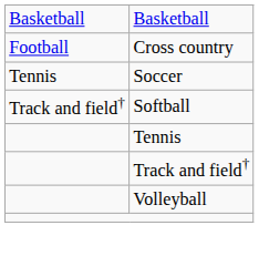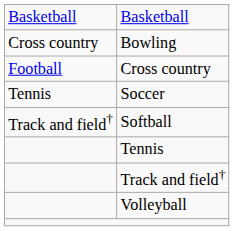 <table class="wikitable" style=" ">
 <tr>
 </tr>
 <tr>
 <td><a href='#'>Basketball</a></td>
 <td><a href='#'>Basketball</a></td>
+</tr>
+<tr>
+<td>Cross country</td>
+<td>Bowling</td>
 </tr>
 <tr>
 <td><a href='#'>Football</a></td>
 <td>Cross country</td>
 </tr>
 <tr>
 <td>Tennis</td>
 <td>Soccer</td>
 </tr>
 <tr>
 <td>Track and field<sup>†</sup></td>
 <td>Softball</td>
 </tr>
 <tr>
 <td></td>
 <td>Tennis</td>
 </tr>
 <tr>
 <td></td>
 <td>Track and field<sup>†</sup></td>
 </tr>
 <tr>
 <td></td>
 <td>Volleyball</td>
 </tr>
 <tr>
 <td colspan="2"></td>
 </tr>
 </table>
